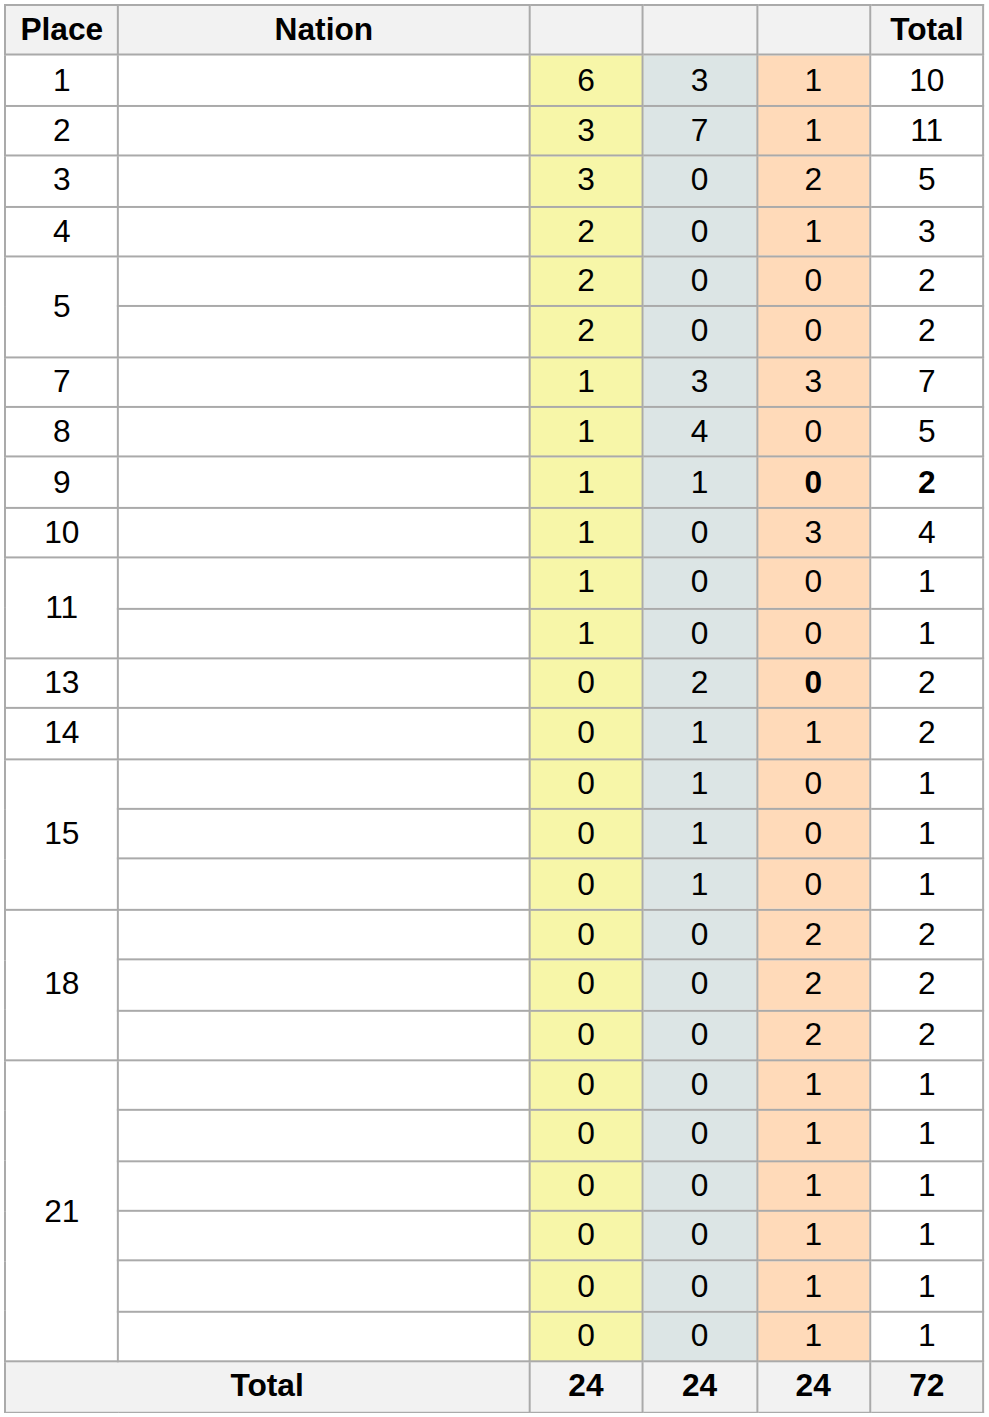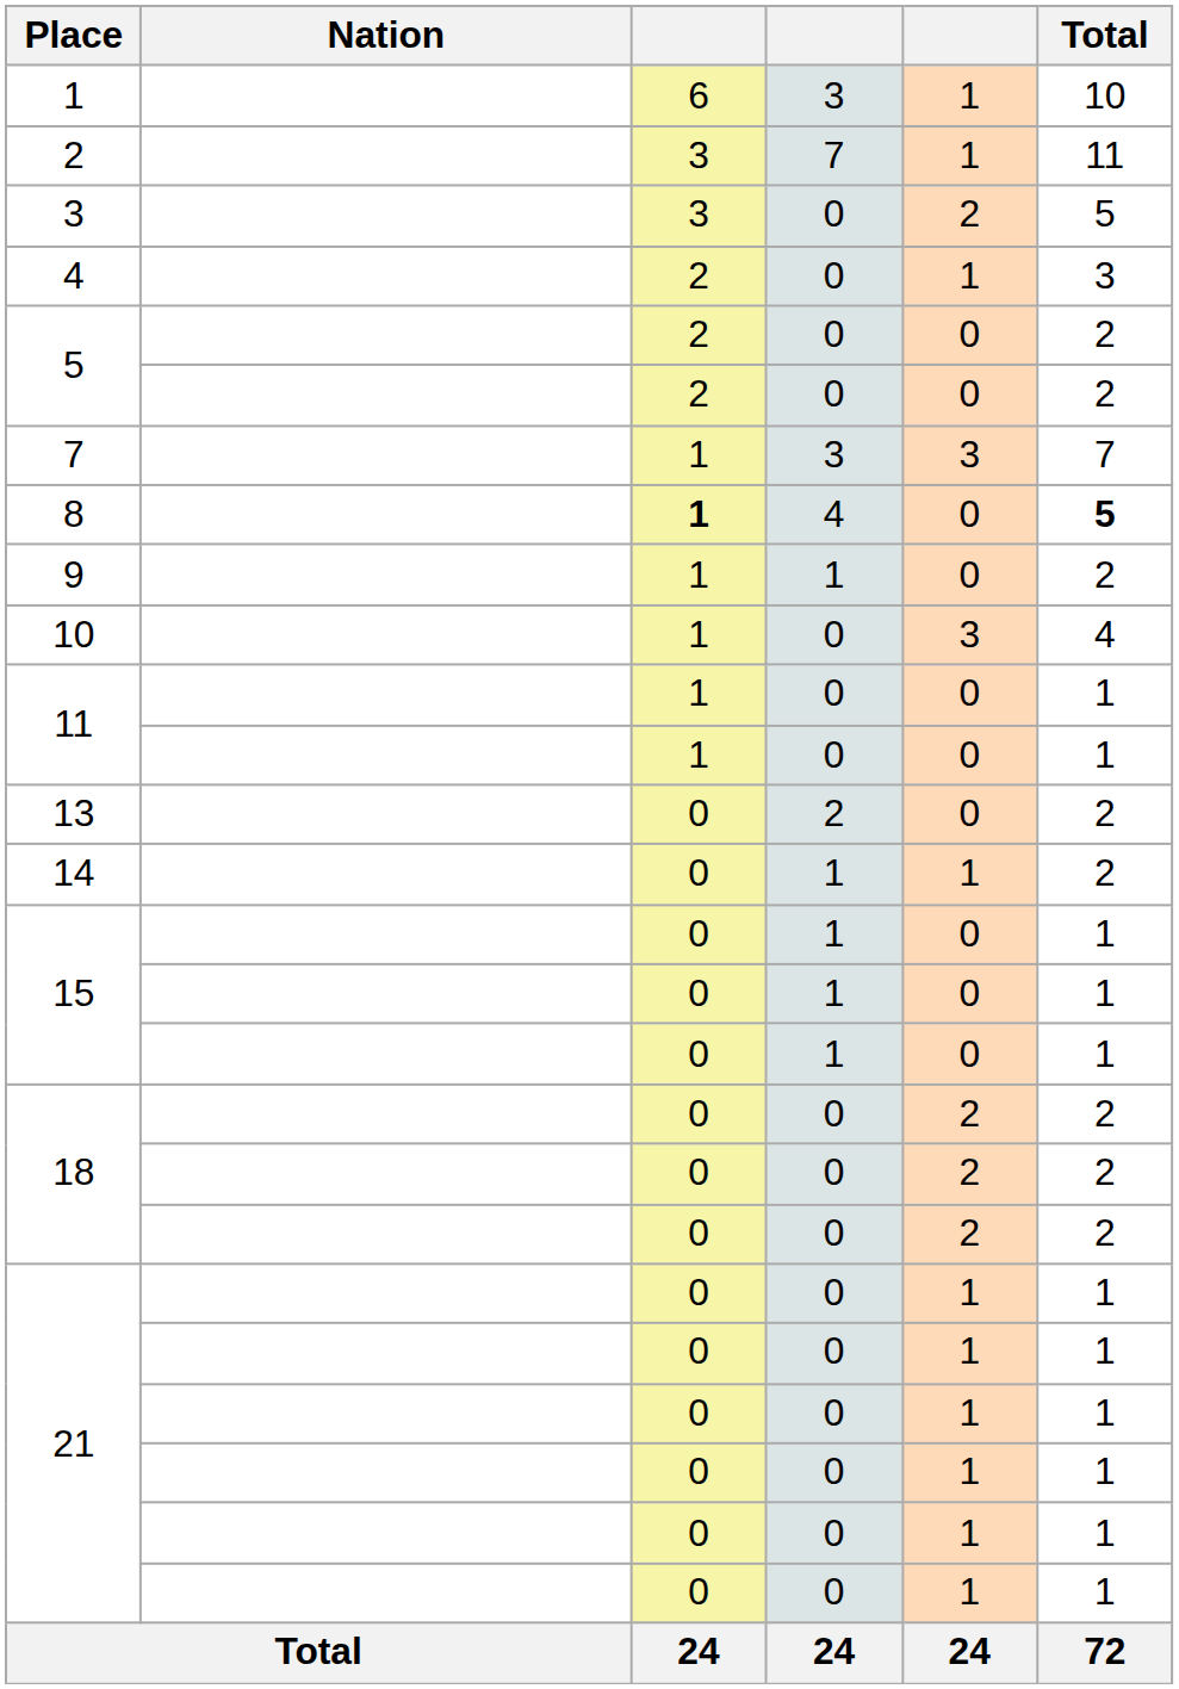 <table class="wikitable" style="border:1px solid #AAAAAA">
 <tr bgcolor="#EFEFEF">
 <th width=50>Place</th>
 <th width=200>Nation</th>
 <th width=50></th>
 <th width=50></th>
 <th width=50></th>
 <th width=50>Total</th>
 </tr>
 <tr align=center bgcolor="#FFFFFF">
 <td>1</td>
 <td align="left"></td>
 <td style="background:#F7F6A8;">6</td>
 <td style="background:#DCE5E5;">3</td>
 <td style="background:#FFDAB9;">1</td>
 <td>10</td>
 </tr>
 <tr align=center bgcolor="#FFFFFF">
 <td>2</td>
 <td align="left"></td>
 <td style="background:#F7F6A8;">3</td>
 <td style="background:#DCE5E5;">7</td>
 <td style="background:#FFDAB9;">1</td>
 <td>11</td>
 </tr>
 <tr align=center bgcolor="#FFFFFF">
 <td>3</td>
 <td align="left"></td>
 <td style="background:#F7F6A8;">3</td>
 <td style="background:#DCE5E5;">0</td>
 <td style="background:#FFDAB9;">2</td>
 <td>5</td>
 </tr>
 <tr align=center bgcolor="#FFFFFF">
 <td>4</td>
 <td align="left"></td>
 <td style="background:#F7F6A8;">2</td>
 <td style="background:#DCE5E5;">0</td>
 <td style="background:#FFDAB9;">1</td>
 <td>3</td>
 </tr>
 <tr align=center bgcolor="#FFFFFF">
 <td rowspan=2>5</td>
 <td align="left"></td>
 <td style="background:#F7F6A8;">2</td>
 <td style="background:#DCE5E5;">0</td>
 <td style="background:#FFDAB9;">0</td>
 <td>2</td>
 </tr>
 <tr align=center bgcolor="#FFFFFF">
 <td align="left"></td>
 <td style="background:#F7F6A8;">2</td>
 <td style="background:#DCE5E5;">0</td>
 <td style="background:#FFDAB9;">0</td>
 <td>2</td>
 </tr>
 <tr align=center bgcolor="#FFFFFF">
 <td>7</td>
 <td align="left"></td>
 <td style="background:#F7F6A8;">1</td>
 <td style="background:#DCE5E5;">3</td>
 <td style="background:#FFDAB9;">3</td>
 <td>7</td>
 </tr>
 <tr align=center bgcolor="#FFFFFF">
 <td>8</td>
 <td align="left"></td>
-<td style="background:#F7F6A8;">1</td>
+<td style="background:#F7F6A8;"><strong>1</strong></td>
 <td style="background:#DCE5E5;">4</td>
 <td style="background:#FFDAB9;">0</td>
-<td>5</td>
+<td><strong>5</strong></td>
 </tr>
 <tr align=center bgcolor="#FFFFFF">
 <td>9</td>
 <td align="left"></td>
 <td style="background:#F7F6A8;">1</td>
 <td style="background:#DCE5E5;">1</td>
-<td style="background:#FFDAB9;"><strong>0</strong></td>
-<td><strong>2</strong></td>
+<td style="background:#FFDAB9;">0</td>
+<td>2</td>
 </tr>
 <tr align=center bgcolor="#FFFFFF">
 <td>10</td>
 <td align="left"></td>
 <td style="background:#F7F6A8;">1</td>
 <td style="background:#DCE5E5;">0</td>
 <td style="background:#FFDAB9;">3</td>
 <td>4</td>
 </tr>
 <tr align=center bgcolor="#FFFFFF">
 <td rowspan=2>11</td>
 <td align="left"></td>
 <td style="background:#F7F6A8;">1</td>
 <td style="background:#DCE5E5;">0</td>
 <td style="background:#FFDAB9;">0</td>
 <td>1</td>
 </tr>
 <tr align=center bgcolor="#FFFFFF">
 <td align="left"></td>
 <td style="background:#F7F6A8;">1</td>
 <td style="background:#DCE5E5;">0</td>
 <td style="background:#FFDAB9;">0</td>
 <td>1</td>
 </tr>
 <tr align=center bgcolor="#FFFFFF">
 <td>13</td>
 <td align="left"></td>
 <td style="background:#F7F6A8;">0</td>
 <td style="background:#DCE5E5;">2</td>
-<td style="background:#FFDAB9;"><strong>0</strong></td>
+<td style="background:#FFDAB9;">0</td>
 <td>2</td>
 </tr>
 <tr align=center bgcolor="#FFFFFF">
 <td>14</td>
 <td align="left"></td>
 <td style="background:#F7F6A8;">0</td>
 <td style="background:#DCE5E5;">1</td>
 <td style="background:#FFDAB9;">1</td>
 <td>2</td>
 </tr>
 <tr align=center bgcolor="#FFFFFF">
 <td rowspan=3>15</td>
 <td align="left"></td>
 <td style="background:#F7F6A8;">0</td>
 <td style="background:#DCE5E5;">1</td>
 <td style="background:#FFDAB9;">0</td>
 <td>1</td>
 </tr>
 <tr align=center bgcolor="#FFFFFF">
 <td align="left"></td>
 <td style="background:#F7F6A8;">0</td>
 <td style="background:#DCE5E5;">1</td>
 <td style="background:#FFDAB9;">0</td>
 <td>1</td>
 </tr>
 <tr align=center bgcolor="#FFFFFF">
 <td align="left"></td>
 <td style="background:#F7F6A8;">0</td>
 <td style="background:#DCE5E5;">1</td>
 <td style="background:#FFDAB9;">0</td>
 <td>1</td>
 </tr>
 <tr align=center bgcolor="#FFFFFF">
 <td rowspan=3>18</td>
 <td align="left"></td>
 <td style="background:#F7F6A8;">0</td>
 <td style="background:#DCE5E5;">0</td>
 <td style="background:#FFDAB9;">2</td>
 <td>2</td>
 </tr>
 <tr align=center bgcolor="#FFFFFF">
 <td align="left"></td>
 <td style="background:#F7F6A8;">0</td>
 <td style="background:#DCE5E5;">0</td>
 <td style="background:#FFDAB9;">2</td>
 <td>2</td>
 </tr>
 <tr align=center bgcolor="#FFFFFF">
 <td align="left"></td>
 <td style="background:#F7F6A8;">0</td>
 <td style="background:#DCE5E5;">0</td>
 <td style="background:#FFDAB9;">2</td>
 <td>2</td>
 </tr>
 <tr align=center bgcolor="#FFFFFF">
 <td rowspan=6>21</td>
 <td align="left"></td>
 <td style="background:#F7F6A8;">0</td>
 <td style="background:#DCE5E5;">0</td>
 <td style="background:#FFDAB9;">1</td>
 <td>1</td>
 </tr>
 <tr align=center bgcolor="#FFFFFF">
 <td align="left"></td>
 <td style="background:#F7F6A8;">0</td>
 <td style="background:#DCE5E5;">0</td>
 <td style="background:#FFDAB9;">1</td>
 <td>1</td>
 </tr>
 <tr align=center bgcolor="#FFFFFF">
 <td align="left"></td>
 <td style="background:#F7F6A8;">0</td>
 <td style="background:#DCE5E5;">0</td>
 <td style="background:#FFDAB9;">1</td>
 <td>1</td>
 </tr>
 <tr align=center bgcolor="#FFFFFF">
 <td align="left"></td>
 <td style="background:#F7F6A8;">0</td>
 <td style="background:#DCE5E5;">0</td>
 <td style="background:#FFDAB9;">1</td>
 <td>1</td>
 </tr>
 <tr align=center bgcolor="#FFFFFF">
 <td align="left"></td>
 <td style="background:#F7F6A8;">0</td>
 <td style="background:#DCE5E5;">0</td>
 <td style="background:#FFDAB9;">1</td>
 <td>1</td>
 </tr>
 <tr align=center bgcolor="#FFFFFF">
 <td align="left"></td>
 <td style="background:#F7F6A8;">0</td>
 <td style="background:#DCE5E5;">0</td>
 <td style="background:#FFDAB9;">1</td>
 <td>1</td>
 </tr>
 <tr bgcolor="#EFEFEF">
 <th colspan=2>Total</th>
 <th>24</th>
 <th>24</th>
 <th>24</th>
 <th>72</th>
 </tr>
 </table>
